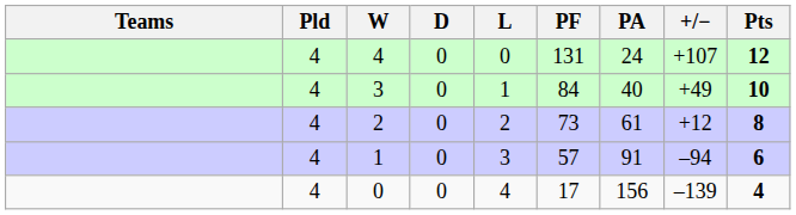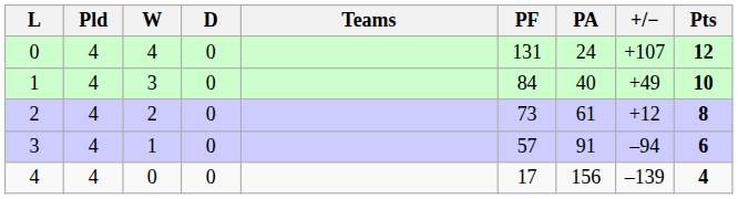 <table class="wikitable" style="text-align: center;">
 <tr>
-<th width="200">Teams</th>
+<th width="40">L</th>
 <th width="40">Pld</th>
 <th width="40">W</th>
 <th width="40">D</th>
-<th width="40">L</th>
+<th width="200">Teams</th>
 <th width="40">PF</th>
 <th width="40">PA</th>
 <th width="40">+/−</th>
 <th width="40">Pts</th>
 </tr>
 <tr bgcolor=ccffcc>
-<td align=left></td>
+<td>0</td>
 <td>4</td>
 <td>4</td>
 <td>0</td>
-<td>0</td>
+<td align=left></td>
 <td>131</td>
 <td>24</td>
 <td>+107</td>
 <td><strong>12</strong></td>
 </tr>
 <tr bgcolor=ccffcc>
-<td align=left></td>
+<td>1</td>
 <td>4</td>
 <td>3</td>
 <td>0</td>
-<td>1</td>
+<td align=left></td>
 <td>84</td>
 <td>40</td>
 <td>+49</td>
 <td><strong>10</strong></td>
 </tr>
 <tr bgcolor=ccccff>
-<td align=left></td>
+<td>2</td>
 <td>4</td>
 <td>2</td>
 <td>0</td>
-<td>2</td>
+<td align=left></td>
 <td>73</td>
 <td>61</td>
 <td>+12</td>
 <td><strong>8</strong></td>
 </tr>
 <tr bgcolor=ccccff>
-<td align=left></td>
+<td>3</td>
 <td>4</td>
 <td>1</td>
 <td>0</td>
-<td>3</td>
+<td align=left></td>
 <td>57</td>
 <td>91</td>
 <td>–94</td>
 <td><strong>6</strong></td>
 </tr>
 <tr>
-<td align=left></td>
+<td>4</td>
 <td>4</td>
 <td>0</td>
 <td>0</td>
-<td>4</td>
+<td align=left></td>
 <td>17</td>
 <td>156</td>
 <td>–139</td>
 <td><strong>4</strong></td>
 </tr>
 </table>
